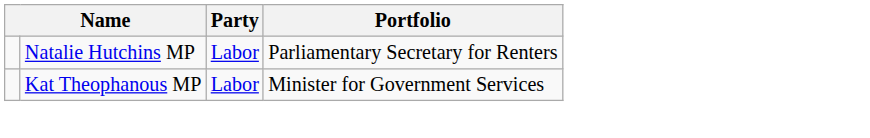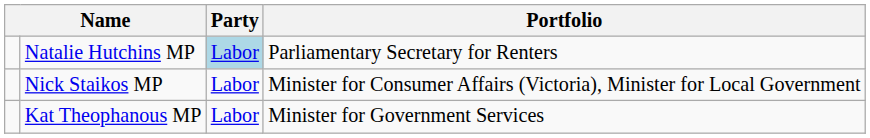 <table class="wikitable">
 <tr>
 <th colspan="2">Name</th>
 <th>Party</th>
 <th>Portfolio</th>
 </tr>
 <tr>
 <td width=5px style="color:inherit;background:"></td>
 <td><a href='#'>Natalie Hutchins</a> MP</td>
+<td style="background: lightblue;"><a href='#'>Labor</a></td>
+<td>Parliamentary Secretary for Renters</td>
+</tr>
+<tr>
+<td width=5px style="color:inherit;background:"></td>
+<td><a href='#'>Nick Staikos</a>  MP</td>
 <td><a href='#'>Labor</a></td>
-<td>Parliamentary Secretary for Renters</td>
+<td>Minister for Consumer Affairs (Victoria), Minister for Local Government</td>
 </tr>
 <tr>
 <td width=5px style="color:inherit;background:"></td>
 <td><a href='#'>Kat Theophanous</a>  MP</td>
 <td><a href='#'>Labor</a></td>
 <td>Minister for Government Services</td>
 </tr>
 </table>
